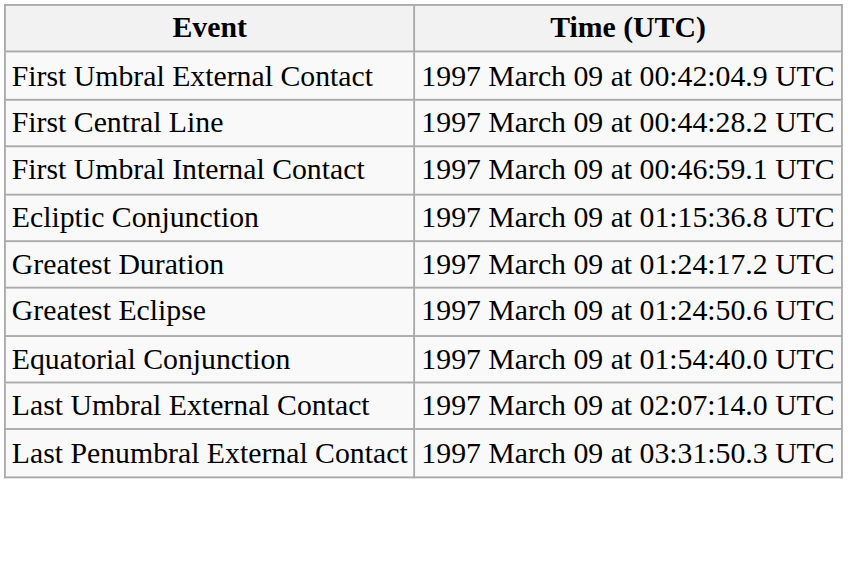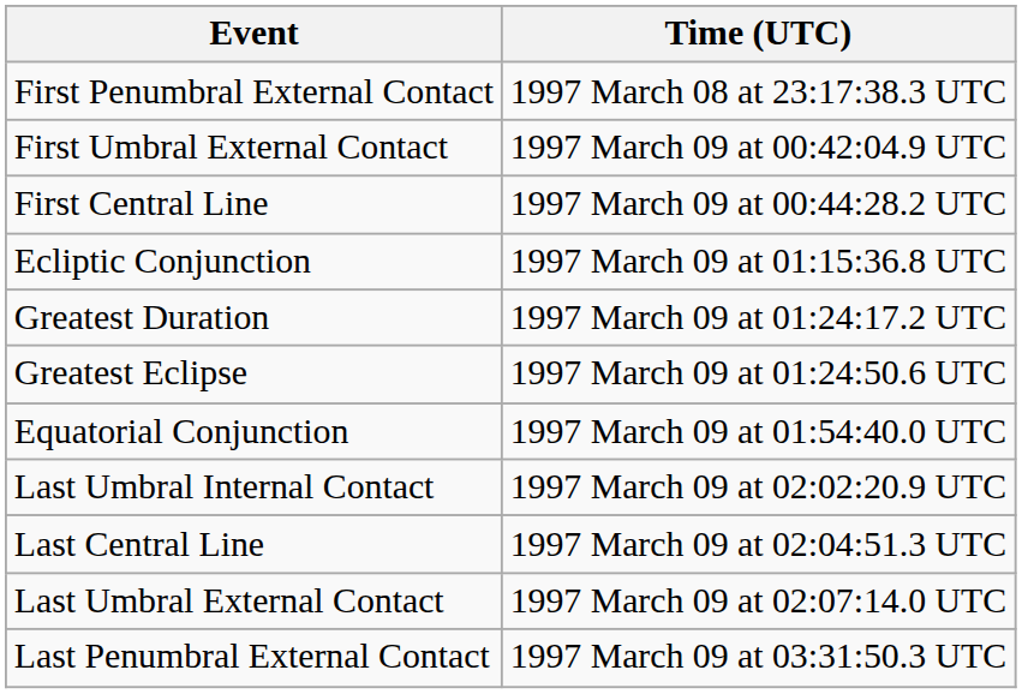 <table class="wikitable">
 <tr>
 <th>Event</th>
 <th>Time (UTC)</th>
+</tr>
+<tr>
+<td>First Penumbral External Contact</td>
+<td>1997 March 08 at 23:17:38.3 UTC</td>
 </tr>
 <tr>
 <td>First Umbral External Contact</td>
 <td>1997 March 09 at 00:42:04.9 UTC</td>
 </tr>
 <tr>
 <td>First Central Line</td>
 <td>1997 March 09 at 00:44:28.2 UTC</td>
-</tr>
-<tr>
-<td>First Umbral Internal Contact</td>
-<td>1997 March 09 at 00:46:59.1 UTC</td>
 </tr>
 <tr>
 <td>Ecliptic Conjunction</td>
 <td>1997 March 09 at 01:15:36.8 UTC</td>
 </tr>
 <tr>
 <td>Greatest Duration</td>
 <td>1997 March 09 at 01:24:17.2 UTC</td>
 </tr>
 <tr>
 <td>Greatest Eclipse</td>
 <td>1997 March 09 at 01:24:50.6 UTC</td>
 </tr>
 <tr>
 <td>Equatorial Conjunction</td>
 <td>1997 March 09 at 01:54:40.0 UTC</td>
 </tr>
 <tr>
+<td>Last Umbral Internal Contact</td>
+<td>1997 March 09 at 02:02:20.9 UTC</td>
+</tr>
+<tr>
+<td>Last Central Line</td>
+<td>1997 March 09 at 02:04:51.3 UTC</td>
+</tr>
+<tr>
 <td>Last Umbral External Contact</td>
 <td>1997 March 09 at 02:07:14.0 UTC</td>
 </tr>
 <tr>
 <td>Last Penumbral External Contact</td>
 <td>1997 March 09 at 03:31:50.3 UTC</td>
 </tr>
 </table>
